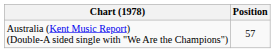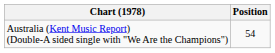 <table class="wikitable sortable">
 <tr>
 <th>Chart (1978)</th>
 <th>Position</th>
 </tr>
 <tr>
 <td>Australia (<a href='#'>Kent Music Report</a>) <br> (Double-A sided single with "We Are the Champions")</td>
-<td style="text-align:center;">57</td>
+<td style="text-align:center;">54</td>
 </tr>
 </table>
